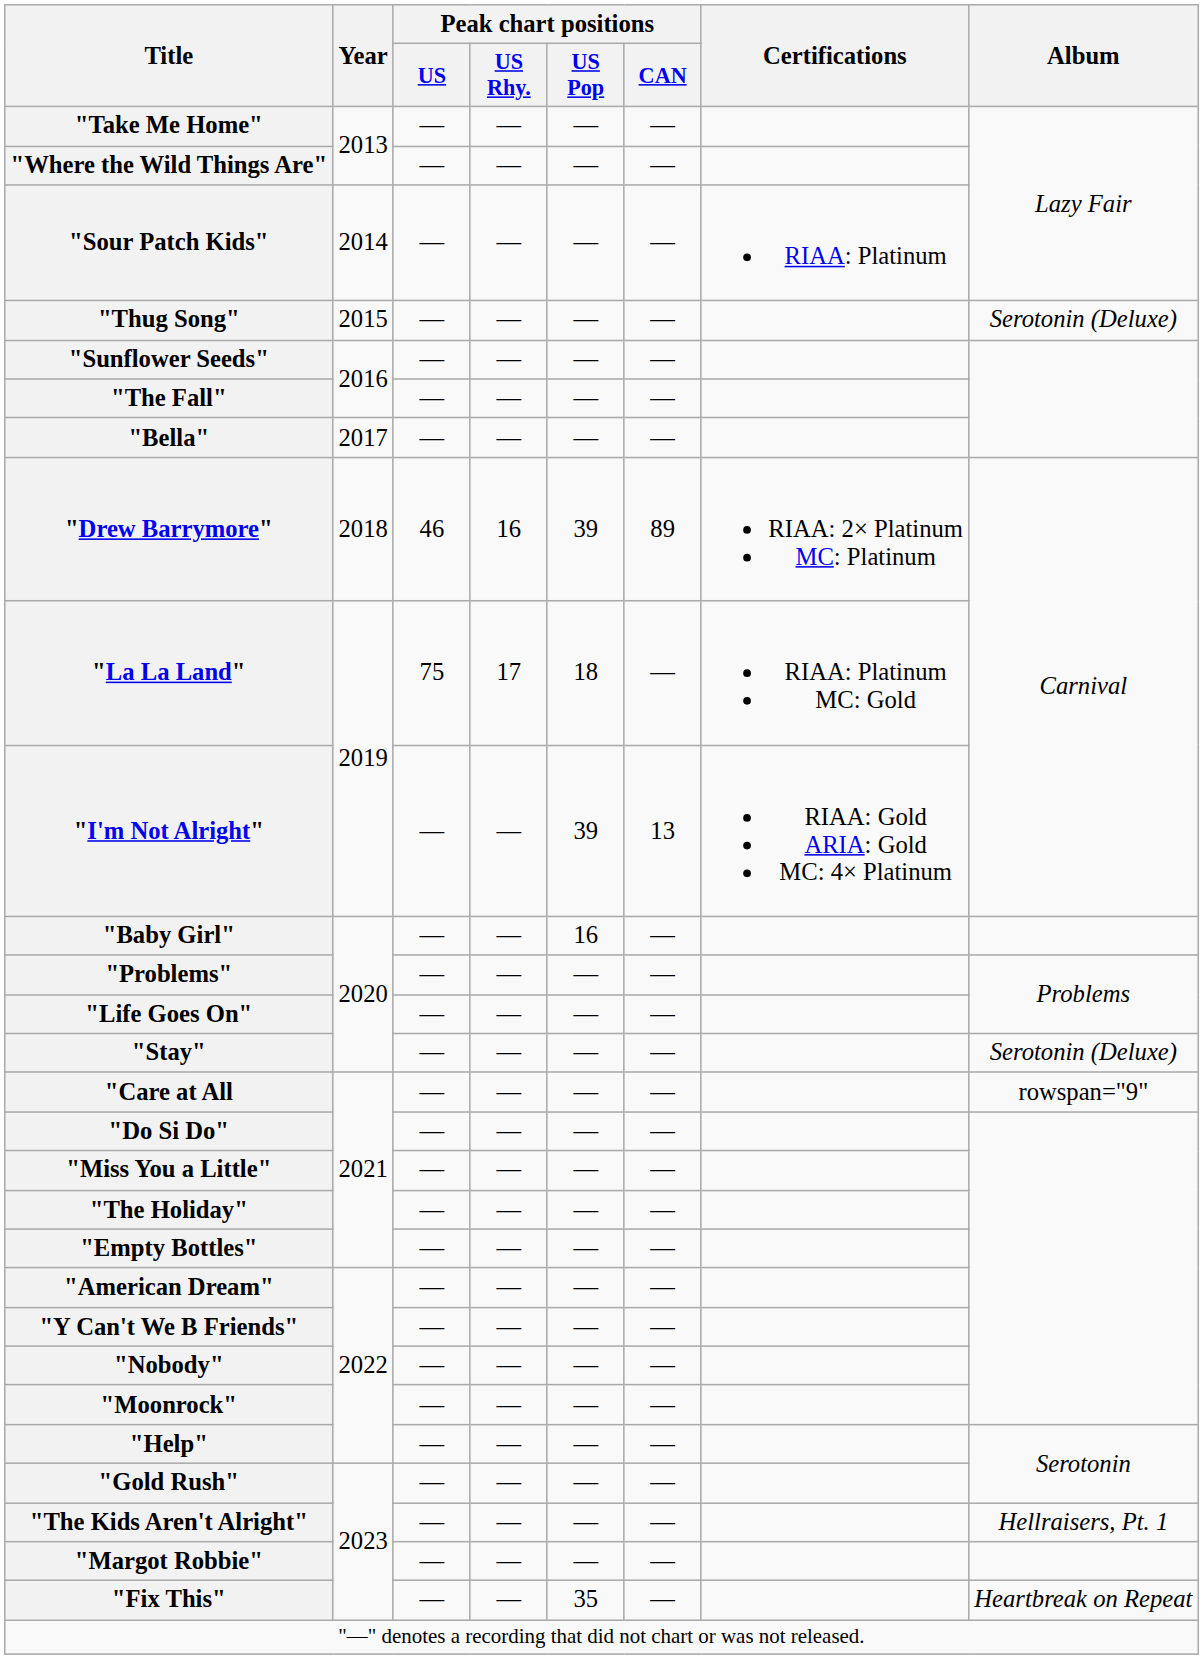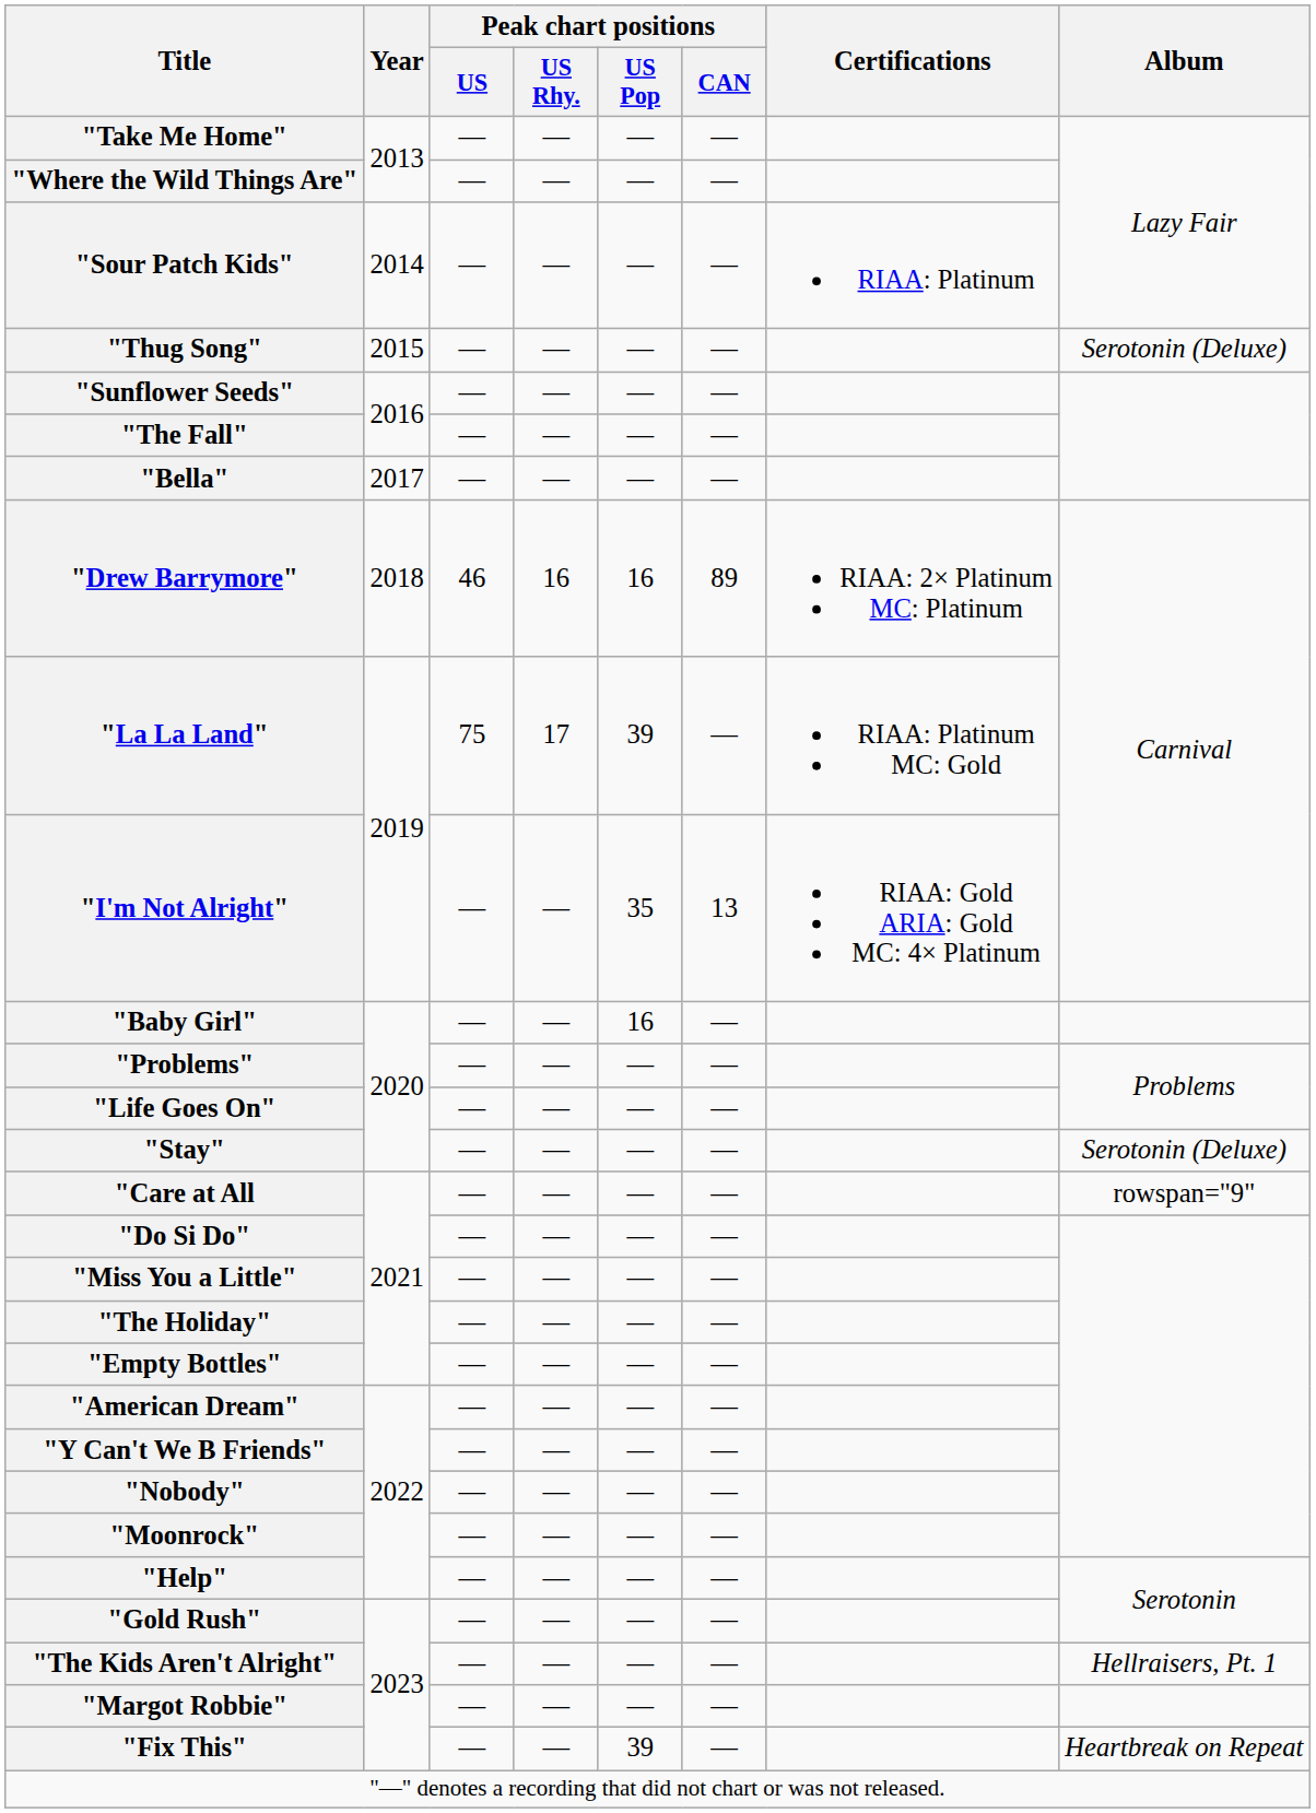 <table class="wikitable plainrowheaders" style="text-align:center;">
 <tr>
 <th scope="col" rowspan="2">Title</th>
 <th scope="col" rowspan="2">Year</th>
 <th scope="col" colspan="4">Peak chart positions</th>
 <th scope="col" rowspan="2">Certifications</th>
 <th scope="col" rowspan="2">Album</th>
 </tr>
 <tr>
 <th scope="col" style="width:3em;font-size:90%;"><a href='#'>US</a><br></th>
 <th scope="col" style="width:3em;font-size:90%;"><a href='#'>US Rhy.</a><br></th>
 <th scope="col" style="width:3em;font-size:90%;"><a href='#'>US Pop</a><br></th>
 <th scope="col" style="width:3em;font-size:90%;"><a href='#'>CAN</a><br></th>
 </tr>
 <tr>
 <th scope="row">"Take Me Home"</th>
 <td rowspan="2">2013</td>
 <td>—</td>
 <td>—</td>
 <td>—</td>
 <td>—</td>
 <td></td>
 <td rowspan="3"><em>Lazy Fair</em></td>
 </tr>
 <tr>
 <th scope="row">"Where the Wild Things Are"</th>
 <td>—</td>
 <td>—</td>
 <td>—</td>
 <td>—</td>
 <td></td>
 </tr>
 <tr>
 <th scope="row">"Sour Patch Kids"</th>
 <td>2014</td>
 <td>—</td>
 <td>—</td>
 <td>—</td>
 <td>—</td>
 <td><br><ul><li><a href='#'>RIAA</a>: Platinum</li></ul></td>
 </tr>
 <tr>
 <th scope="row">"Thug Song"</th>
 <td>2015</td>
 <td>—</td>
 <td>—</td>
 <td>—</td>
 <td>—</td>
 <td></td>
 <td><em>Serotonin (Deluxe)</em></td>
 </tr>
 <tr>
 <th scope="row">"Sunflower Seeds"</th>
 <td rowspan="2">2016</td>
 <td>—</td>
 <td>—</td>
 <td>—</td>
 <td>—</td>
 <td></td>
 </tr>
 <tr>
 <th scope="row">"The Fall"</th>
 <td>—</td>
 <td>—</td>
 <td>—</td>
 <td>—</td>
 <td></td>
 </tr>
 <tr>
 <th scope="row">"Bella"<br></th>
 <td>2017</td>
 <td>—</td>
 <td>—</td>
 <td>—</td>
 <td>—</td>
 <td></td>
 </tr>
 <tr>
 <th scope="row">"<a href='#'>Drew Barrymore</a>"</th>
 <td>2018</td>
 <td>46</td>
 <td>16</td>
-<td>39</td>
+<td>16</td>
 <td>89</td>
 <td><br><ul><li>RIAA: 2× Platinum</li><li><a href='#'>MC</a>: Platinum</li></ul></td>
 <td rowspan="3"><em>Carnival</em></td>
 </tr>
 <tr>
 <th scope="row">"<a href='#'>La La Land</a>"<br></th>
 <td rowspan="2">2019</td>
 <td>75</td>
 <td>17</td>
-<td>18</td>
+<td>39</td>
 <td>—</td>
 <td><br><ul><li>RIAA: Platinum</li><li>MC: Gold</li></ul></td>
 </tr>
 <tr>
 <th scope="row">"<a href='#'>I'm Not Alright</a>" <br></th>
 <td>—</td>
 <td>—</td>
-<td>39</td>
+<td>35</td>
 <td>13</td>
 <td><br><ul><li>RIAA: Gold</li><li><a href='#'>ARIA</a>: Gold</li><li>MC: 4× Platinum</li></ul></td>
 </tr>
 <tr>
 <th scope="row">"Baby Girl"<br></th>
 <td rowspan="4">2020</td>
 <td>—</td>
 <td>—</td>
 <td>16</td>
 <td>—</td>
 <td></td>
 <td></td>
 </tr>
 <tr>
 <th scope="row">"Problems"<br></th>
 <td>—</td>
 <td>—</td>
 <td>—</td>
 <td>—</td>
 <td></td>
 <td rowspan="2"><em>Problems</em></td>
 </tr>
 <tr>
 <th scope="row">"Life Goes On"</th>
 <td>—</td>
 <td>—</td>
 <td>—</td>
 <td>—</td>
 <td></td>
 </tr>
 <tr>
 <th scope="row">"Stay"<br></th>
 <td>—</td>
 <td>—</td>
 <td>—</td>
 <td>—</td>
 <td></td>
 <td><em>Serotonin (Deluxe)</em></td>
 </tr>
 <tr>
 <th scope="row">"Care at All</th>
 <td rowspan="5">2021</td>
 <td>—</td>
 <td>—</td>
 <td>—</td>
 <td>—</td>
 <td></td>
 <td>rowspan="9" </td>
 </tr>
 <tr>
 <th scope="row">"Do Si Do"<br></th>
 <td>—</td>
 <td>—</td>
 <td>—</td>
 <td>—</td>
 <td></td>
 </tr>
 <tr>
 <th scope="row">"Miss You a Little"<br></th>
 <td>—</td>
 <td>—</td>
 <td>—</td>
 <td>—</td>
 <td></td>
 </tr>
 <tr>
 <th scope="row">"The Holiday"</th>
 <td>—</td>
 <td>—</td>
 <td>—</td>
 <td>—</td>
 <td></td>
 </tr>
 <tr>
 <th scope="row">"Empty Bottles"<br></th>
 <td>—</td>
 <td>—</td>
 <td>—</td>
 <td>—</td>
 <td></td>
 </tr>
 <tr>
 <th scope="row">"American Dream"</th>
 <td rowspan="5">2022</td>
 <td>—</td>
 <td>—</td>
 <td>—</td>
 <td>—</td>
 <td></td>
 </tr>
 <tr>
 <th scope="row">"Y Can't We B Friends"</th>
 <td>—</td>
 <td>—</td>
 <td>—</td>
 <td>—</td>
 <td></td>
 </tr>
 <tr>
 <th scope="row">"Nobody"</th>
 <td>—</td>
 <td>—</td>
 <td>—</td>
 <td>—</td>
 <td></td>
 </tr>
 <tr>
 <th scope="row">"Moonrock"</th>
 <td>—</td>
 <td>—</td>
 <td>—</td>
 <td>—</td>
 <td></td>
 </tr>
 <tr>
 <th scope="row">"Help"<br></th>
 <td>—</td>
 <td>—</td>
 <td>—</td>
 <td>—</td>
 <td></td>
 <td rowspan="2"><em>Serotonin</em></td>
 </tr>
 <tr>
 <th scope="row">"Gold Rush"</th>
 <td rowspan="4">2023</td>
 <td>—</td>
 <td>—</td>
 <td>—</td>
 <td>—</td>
 <td></td>
 </tr>
 <tr>
 <th scope="row">"The Kids Aren't Alright"</th>
 <td>—</td>
 <td>—</td>
 <td>—</td>
 <td>—</td>
 <td></td>
 <td><em>Hellraisers, Pt. 1</em></td>
 </tr>
 <tr>
 <th scope="row">"Margot Robbie"</th>
 <td>—</td>
 <td>—</td>
 <td>—</td>
 <td>—</td>
 <td></td>
 <td></td>
 </tr>
 <tr>
 <th scope="row">"Fix This"<br></th>
 <td>—</td>
 <td>—</td>
-<td>35</td>
+<td>39</td>
 <td>—</td>
 <td></td>
 <td><em>Heartbreak on Repeat</em></td>
 </tr>
 <tr>
 <td colspan="8" style="font-size:85%">"—" denotes a recording that did not chart or was not released.</td>
 </tr>
 </table>
